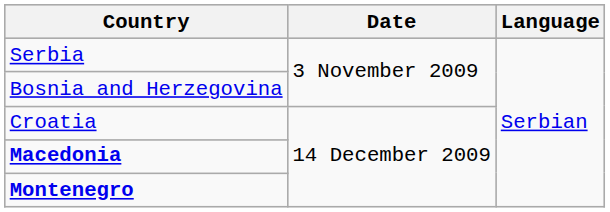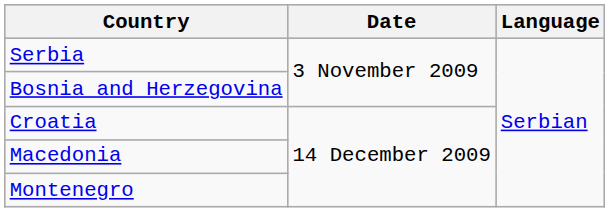 <table class="wikitable">
 <tr>
 <th>Country</th>
 <th>Date</th>
 <th>Language</th>
 </tr>
 <tr>
 <td><a href='#'>Serbia</a></td>
 <td rowspan="2">3 November 2009</td>
 <td rowspan="5"><a href='#'>Serbian</a></td>
 </tr>
 <tr>
 <td><a href='#'>Bosnia and Herzegovina</a></td>
 </tr>
 <tr>
 <td><a href='#'>Croatia</a></td>
 <td rowspan="3">14 December 2009</td>
 </tr>
 <tr>
-<td><strong><a href='#'>Macedonia</a></strong></td>
+<td><a href='#'>Macedonia</a></td>
 </tr>
 <tr>
-<td><strong><a href='#'>Montenegro</a></strong></td>
+<td><a href='#'>Montenegro</a></td>
 </tr>
 </table>
